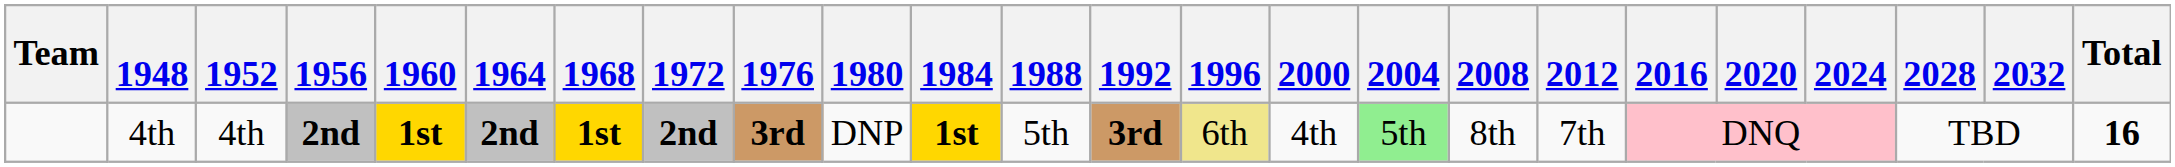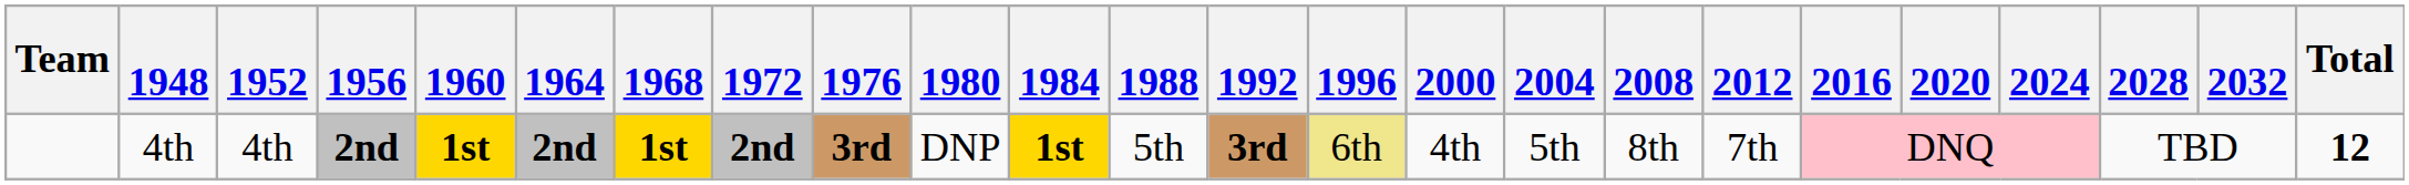 <table class=wikitable style="text-align:center">
 <tr>
 <th>Team</th>
 <th><br><a href='#'>1948</a></th>
 <th><br><a href='#'>1952</a></th>
 <th><br><a href='#'>1956</a></th>
 <th><br><a href='#'>1960</a></th>
 <th><br><a href='#'>1964</a></th>
 <th><br><a href='#'>1968</a></th>
 <th><br><a href='#'>1972</a></th>
 <th><br><a href='#'>1976</a></th>
 <th><br><a href='#'>1980</a></th>
 <th><br><a href='#'>1984</a></th>
 <th><br><a href='#'>1988</a></th>
 <th><br><a href='#'>1992</a></th>
 <th><br><a href='#'>1996</a></th>
 <th><br><a href='#'>2000</a></th>
 <th><br><a href='#'>2004</a></th>
 <th><br><a href='#'>2008</a></th>
 <th><br><a href='#'>2012</a></th>
 <th><br><a href='#'>2016</a></th>
 <th><br><a href='#'>2020</a></th>
 <th><br><a href='#'>2024</a></th>
 <th><br><a href='#'>2028</a></th>
 <th><br><a href='#'>2032</a></th>
 <th>Total</th>
 </tr>
 <tr>
 <td align=left></td>
 <td>4th</td>
 <td>4th</td>
 <td bgcolor=silver><strong>2nd</strong></td>
 <td bgcolor=gold><strong>1st</strong></td>
 <td bgcolor=silver><strong>2nd</strong></td>
 <td bgcolor=gold><strong>1st</strong></td>
 <td bgcolor=silver><strong>2nd</strong></td>
 <td bgcolor=cc9966><strong>3rd</strong></td>
 <td>DNP</td>
 <td bgcolor=gold><strong>1st</strong></td>
 <td>5th</td>
 <td bgcolor=cc9966><strong>3rd</strong></td>
 <td style="background: khaki;">6th</td>
 <td>4th</td>
-<td style="background: lightgreen;">5th</td>
+<td>5th</td>
 <td>8th</td>
 <td>7th</td>
 <td colspan="3" bgcolor=pink>DNQ</td>
 <td colspan="2">TBD</td>
-<td><strong>16</strong></td>
+<td><strong>12</strong></td>
 </tr>
 </table>
